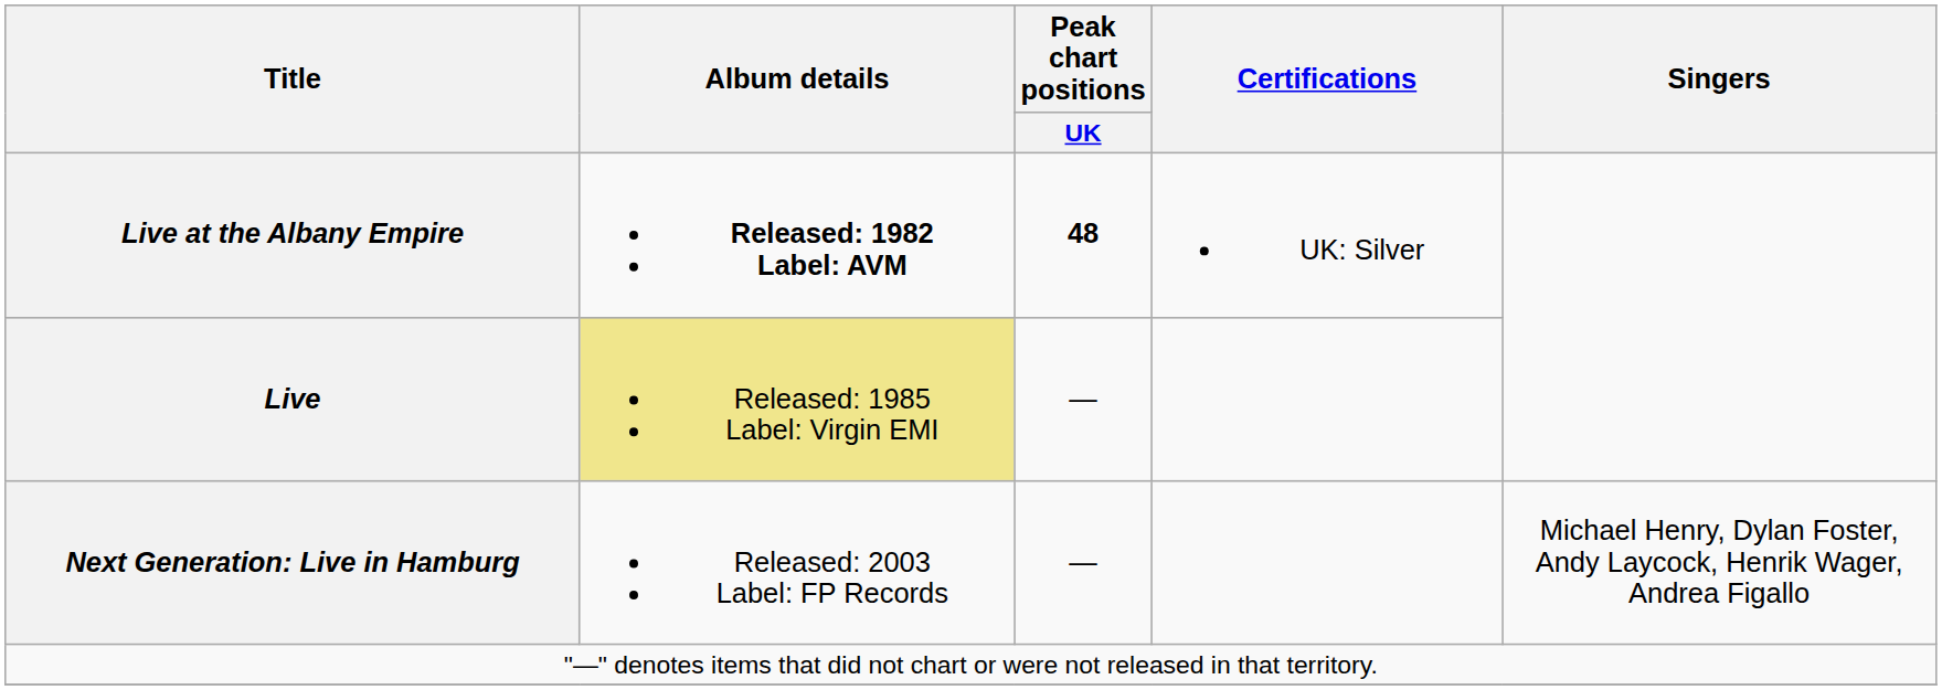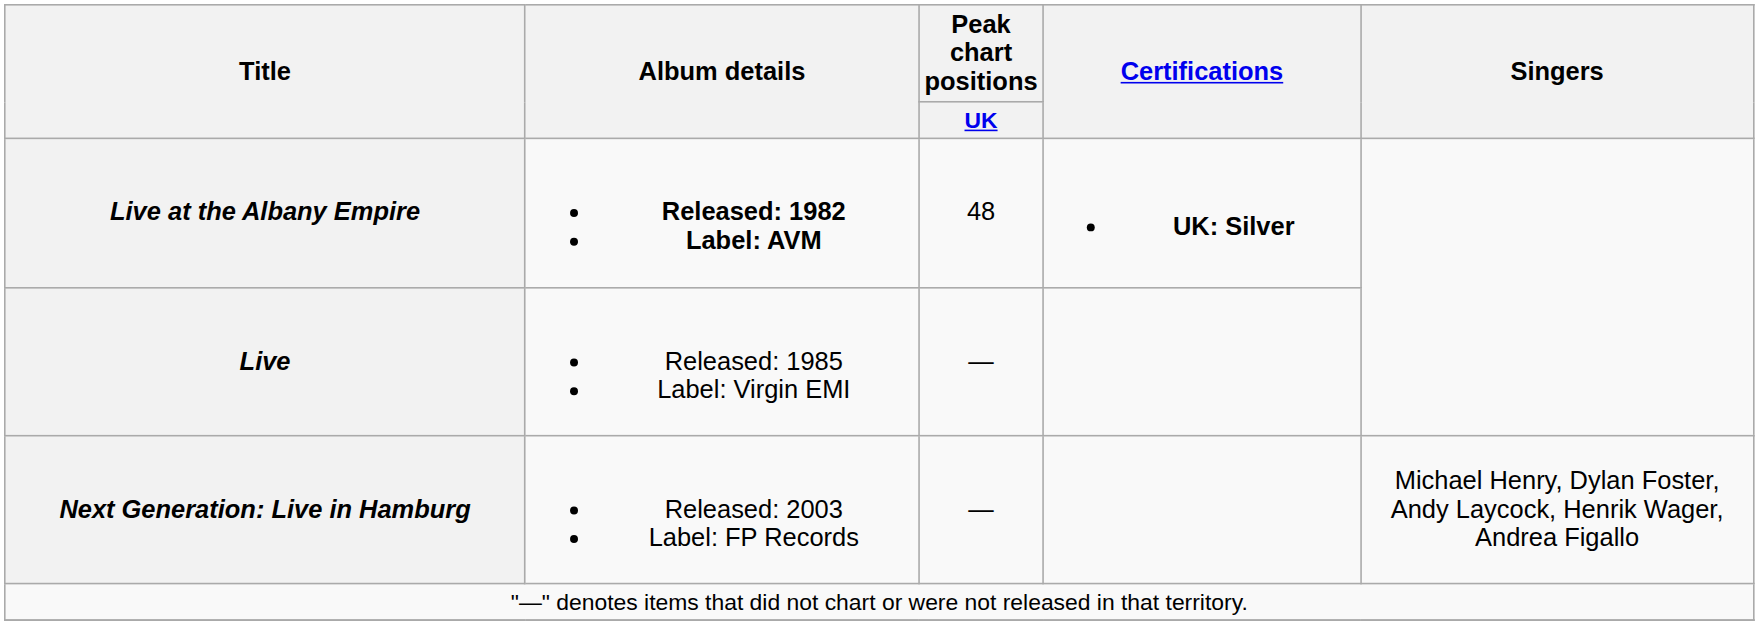 <table class="wikitable plainrowheaders" style="text-align:center;">
 <tr>
 <th scope="col" rowspan="2" style="width:20em;">Title</th>
 <th scope="col" rowspan="2" style="width:15em;">Album details</th>
 <th scope="col" colspan="1">Peak chart positions</th>
 <th rowspan="2" style="width:12em;"><a href='#'>Certifications</a></th>
 <th scope="col" rowspan="2" style="width:15em;">Singers</th>
 </tr>
 <tr>
 <th scope="col" style="width:3em;font-size:90%;"><a href='#'>UK</a><br></th>
 </tr>
 <tr>
 <th scope="row"><em>Live at the Albany Empire</em></th>
 <td><strong><br><ul><li>Released: 1982</li><li>Label: AVM</li></ul></strong></td>
-<td><strong>48</strong></td>
-<td><br><ul><li>UK: Silver</li></ul></td>
+<td>48</td>
+<td><strong><br><ul><li>UK: Silver</li></ul></strong></td>
 </tr>
 <tr>
 <th scope="row"><em>Live</em></th>
-<td style="background: khaki;"><br><ul><li>Released: 1985</li><li>Label: Virgin EMI</li></ul></td>
+<td><br><ul><li>Released: 1985</li><li>Label: Virgin EMI</li></ul></td>
 <td>—</td>
 <td></td>
 </tr>
 <tr>
 <th scope="row"><em>Next Generation: Live in Hamburg</em></th>
 <td><br><ul><li>Released: 2003</li><li>Label: FP Records</li></ul></td>
 <td>—</td>
 <td></td>
 <td>Michael Henry, Dylan Foster, Andy Laycock, Henrik Wager, Andrea Figallo</td>
 </tr>
 <tr>
 <td align="center" colspan="15" style="font-size:90%">"—" denotes items that did not chart or were not released in that territory.</td>
 </tr>
 <tr>
 </tr>
 </table>
